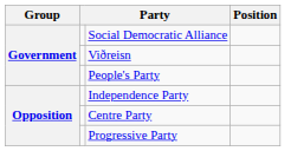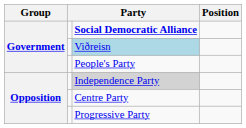 <table class="wikitable">
 <tr>
 <th>Group</th>
 <th colspan="2">Party</th>
 <th>Position</th>
 </tr>
 <tr>
 <th rowspan="3"><a href='#'>Government</a></th>
 <td></td>
-<td><a href='#'>Social Democratic Alliance</a></td>
+<td><strong><a href='#'>Social Democratic Alliance</a></strong></td>
 <td></td>
 </tr>
 <tr>
 <td></td>
-<td><a href='#'>Viðreisn</a></td>
+<td style="background: lightblue;"><a href='#'>Viðreisn</a></td>
 <td></td>
 </tr>
 <tr>
 <td></td>
 <td><a href='#'>People's Party</a></td>
 <td></td>
 </tr>
 <tr>
 <th rowspan="3"><a href='#'>Opposition</a></th>
 <td></td>
-<td><a href='#'>Independence Party</a></td>
+<td style="background: lightgrey;"><a href='#'>Independence Party</a></td>
 <td></td>
 </tr>
 <tr>
 <td></td>
 <td><a href='#'>Centre Party</a></td>
 <td></td>
 </tr>
 <tr>
 <td></td>
 <td><a href='#'>Progressive Party</a></td>
 <td></td>
 </tr>
 </table>
